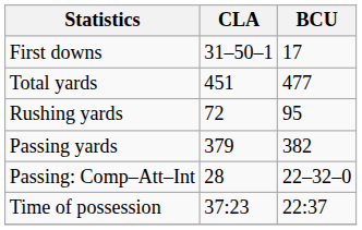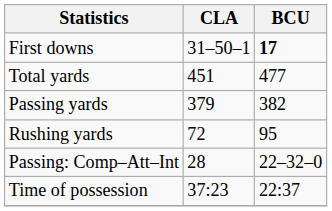 <table class="wikitable" style="float: left;">
 <tr>
 <th>Statistics</th>
 <th>CLA</th>
 <th>BCU</th>
 </tr>
 <tr>
 <td>First downs</td>
 <td>31–50–1</td>
-<td>17</td>
+<td><strong>17</strong></td>
 </tr>
 <tr>
 <td>Total yards</td>
 <td>451</td>
 <td>477</td>
 </tr>
 <tr>
+<td>Passing yards</td>
+<td>379</td>
+<td>382</td>
+</tr>
+<tr>
 <td>Rushing yards</td>
 <td>72</td>
 <td>95</td>
-</tr>
-<tr>
-<td>Passing yards</td>
-<td>379</td>
-<td>382</td>
 </tr>
 <tr>
 <td>Passing: Comp–Att–Int</td>
 <td>28</td>
 <td>22–32–0</td>
 </tr>
 <tr>
 <td>Time of possession</td>
 <td>37:23</td>
 <td>22:37</td>
 </tr>
 <tr>
 </tr>
 </table>
